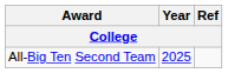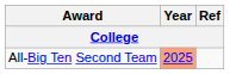 <table class="wikitable">
 <tr>
 <th>Award</th>
 <th>Year</th>
 <th>Ref</th>
 </tr>
 <tr>
 <th colspan="3"><a href='#'>College</a></th>
 </tr>
 <tr>
 <td>All-<a href='#'>Big Ten</a> <a href='#'>Second Team</a></td>
-<td><a href='#'>2025</a></td>
+<td style="background: lightsalmon;"><a href='#'>2025</a></td>
 <td></td>
 </tr>
 </table>
